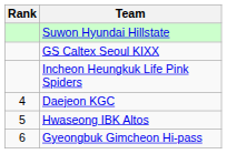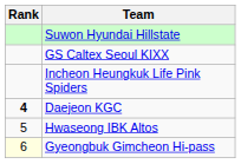 <table class="wikitable" style="text-align: center;">
 <tr>
 <th width=40>Rank</th>
 <th width=240>Team</th>
 </tr>
 <tr bgcolor=#ccffcc>
 <td></td>
 <td align=left><a href='#'>Suwon Hyundai Hillstate</a></td>
 </tr>
 <tr>
 <td></td>
 <td align=left><a href='#'>GS Caltex Seoul KIXX</a></td>
 </tr>
 <tr>
 <td></td>
 <td align=left><a href='#'>Incheon Heungkuk Life Pink Spiders</a></td>
 </tr>
 <tr>
-<td>4</td>
+<td><strong>4</strong></td>
 <td align=left><a href='#'>Daejeon KGC</a></td>
 </tr>
 <tr>
 <td>5</td>
 <td align=left><a href='#'>Hwaseong IBK Altos</a></td>
 </tr>
 <tr>
-<td>6</td>
+<td style="background: lightyellow;">6</td>
 <td align=left><a href='#'>Gyeongbuk Gimcheon Hi-pass</a></td>
 </tr>
 </table>
